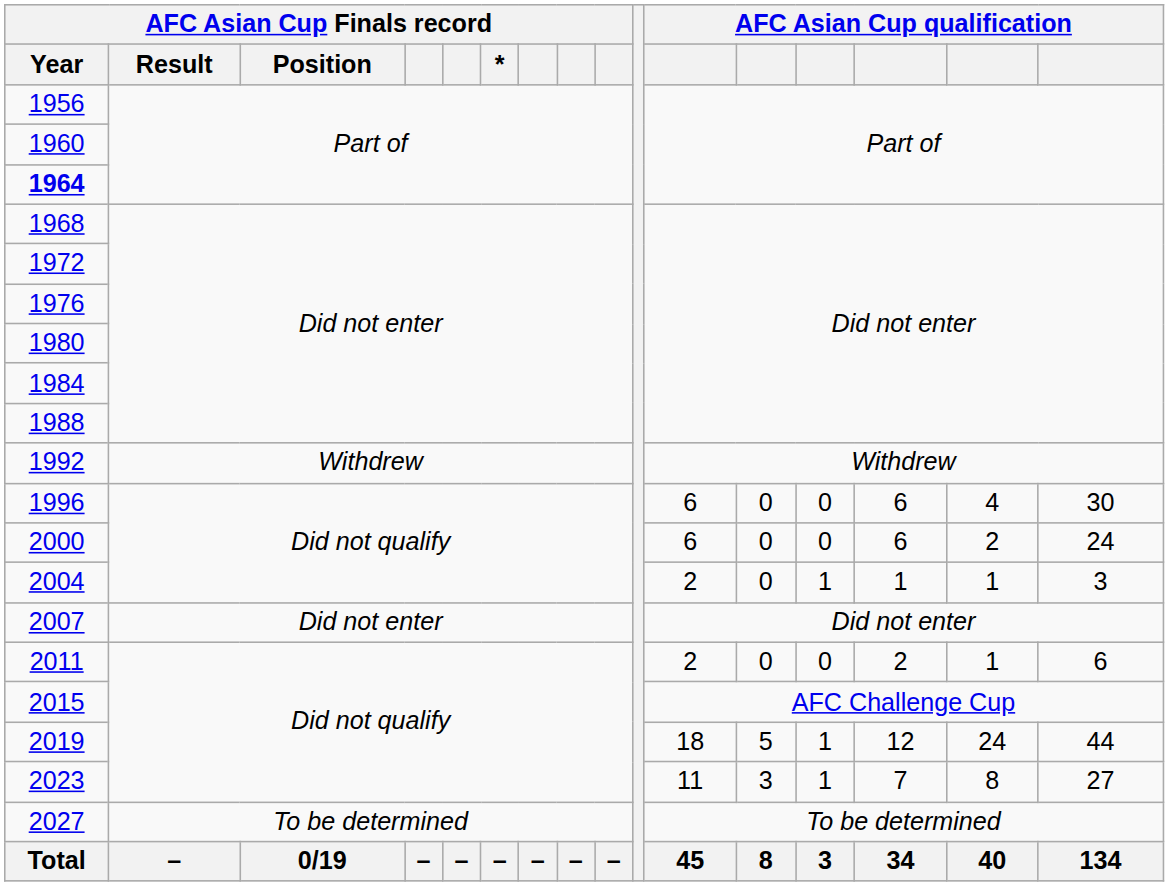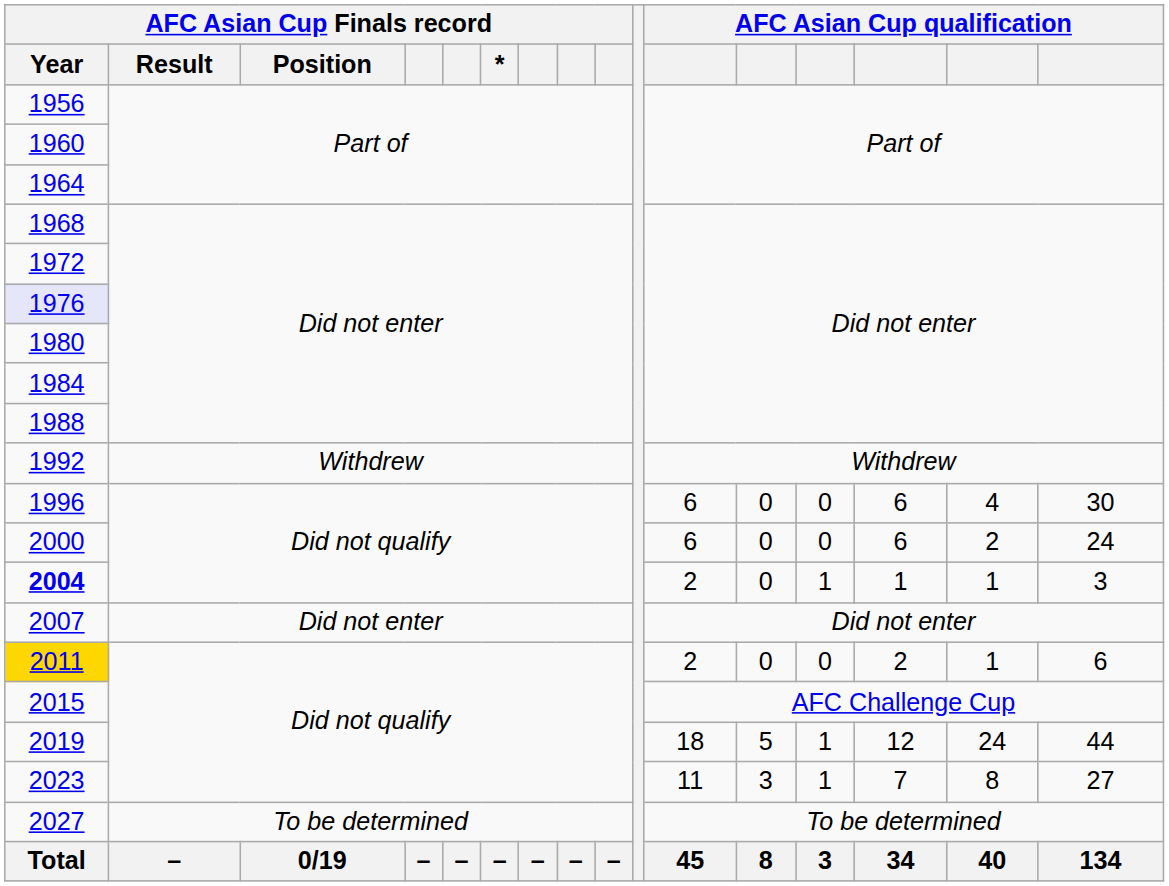 <table class="wikitable" style="text-align: center;">
 <tr>
 <th colspan=9><a href='#'>AFC Asian Cup</a> Finals record</th>
 <th style="width:1%;" rowspan="30"></th>
 <th colspan=6><a href='#'>AFC Asian Cup qualification</a></th>
 </tr>
 <tr>
 <th>Year</th>
 <th>Result</th>
 <th>Position</th>
 <th></th>
 <th></th>
 <th>*</th>
 <th></th>
 <th></th>
 <th></th>
 <th></th>
 <th></th>
 <th></th>
 <th></th>
 <th></th>
 <th></th>
 </tr>
 <tr>
 <td align=center> <a href='#'>1956</a></td>
 <td colspan=8 rowspan=3><em>Part of </em></td>
 <td colspan=6 rowspan=3><em>Part of </em></td>
 </tr>
 <tr>
 <td align=center> <a href='#'>1960</a></td>
 </tr>
 <tr>
-<td><strong> <a href='#'>1964</a></strong></td>
+<td> <a href='#'>1964</a></td>
 </tr>
 <tr>
 <td> <a href='#'>1968</a></td>
 <td colspan=8 rowspan=6><em>Did not enter</em></td>
 <td colspan=6 rowspan=6><em>Did not enter</em></td>
 </tr>
 <tr>
 <td> <a href='#'>1972</a></td>
 </tr>
 <tr>
-<td> <a href='#'>1976</a></td>
+<td style="background: lavender;"> <a href='#'>1976</a></td>
 </tr>
 <tr>
 <td> <a href='#'>1980</a></td>
 </tr>
 <tr>
 <td> <a href='#'>1984</a></td>
 </tr>
 <tr>
 <td> <a href='#'>1988</a></td>
 </tr>
 <tr>
 <td> <a href='#'>1992</a></td>
 <td colspan=8><em>Withdrew</em></td>
 <td colspan=6><em>Withdrew</em></td>
 </tr>
 <tr>
 <td> <a href='#'>1996</a></td>
 <td colspan=8 rowspan=3><em>Did not qualify</em></td>
 <td>6</td>
 <td>0</td>
 <td>0</td>
 <td>6</td>
 <td>4</td>
 <td>30</td>
 </tr>
 <tr>
 <td> <a href='#'>2000</a></td>
 <td>6</td>
 <td>0</td>
 <td>0</td>
 <td>6</td>
 <td>2</td>
 <td>24</td>
 </tr>
 <tr>
-<td> <a href='#'>2004</a></td>
+<td><strong> <a href='#'>2004</a></strong></td>
 <td>2</td>
 <td>0</td>
 <td>1</td>
 <td>1</td>
 <td>1</td>
 <td>3</td>
 </tr>
 <tr>
 <td>    <a href='#'>2007</a></td>
 <td colspan=8><em>Did not enter</em></td>
 <td colspan=6><em>Did not enter</em></td>
 </tr>
 <tr>
-<td> <a href='#'>2011</a></td>
+<td style="background: gold;"> <a href='#'>2011</a></td>
 <td colspan=8 rowspan=4><em>Did not qualify</em></td>
 <td>2</td>
 <td>0</td>
 <td>0</td>
 <td>2</td>
 <td>1</td>
 <td>6</td>
 </tr>
 <tr>
 <td> <a href='#'>2015</a></td>
 <td colspan=6><a href='#'>AFC Challenge Cup</a></td>
 </tr>
 <tr>
 <td> <a href='#'>2019</a></td>
 <td>18</td>
 <td>5</td>
 <td>1</td>
 <td>12</td>
 <td>24</td>
 <td>44</td>
 </tr>
 <tr>
 <td> <a href='#'>2023</a></td>
 <td>11</td>
 <td>3</td>
 <td>1</td>
 <td>7</td>
 <td>8</td>
 <td>27</td>
 </tr>
 <tr>
 <td> <a href='#'>2027</a></td>
 <td colspan=8><em>To be determined</em></td>
 <td colspan=6><em>To be determined</em></td>
 </tr>
 <tr>
 <th><strong>Total</strong></th>
 <th><strong>–</strong></th>
 <th><strong>0/19</strong></th>
 <th><strong>–</strong></th>
 <th><strong>–</strong></th>
 <th><strong>–</strong></th>
 <th><strong>–</strong></th>
 <th><strong>–</strong></th>
 <th><strong>–</strong></th>
 <th>45</th>
 <th>8</th>
 <th>3</th>
 <th>34</th>
 <th>40</th>
 <th>134</th>
 </tr>
 </table>
